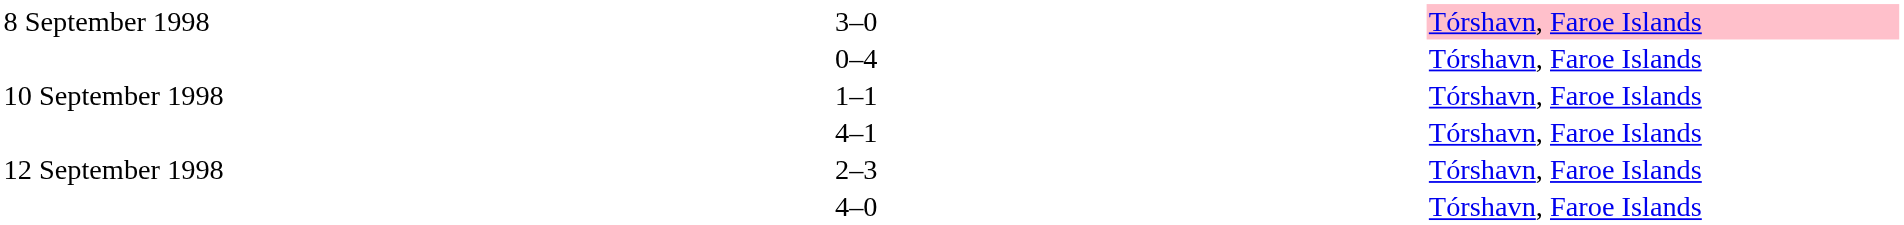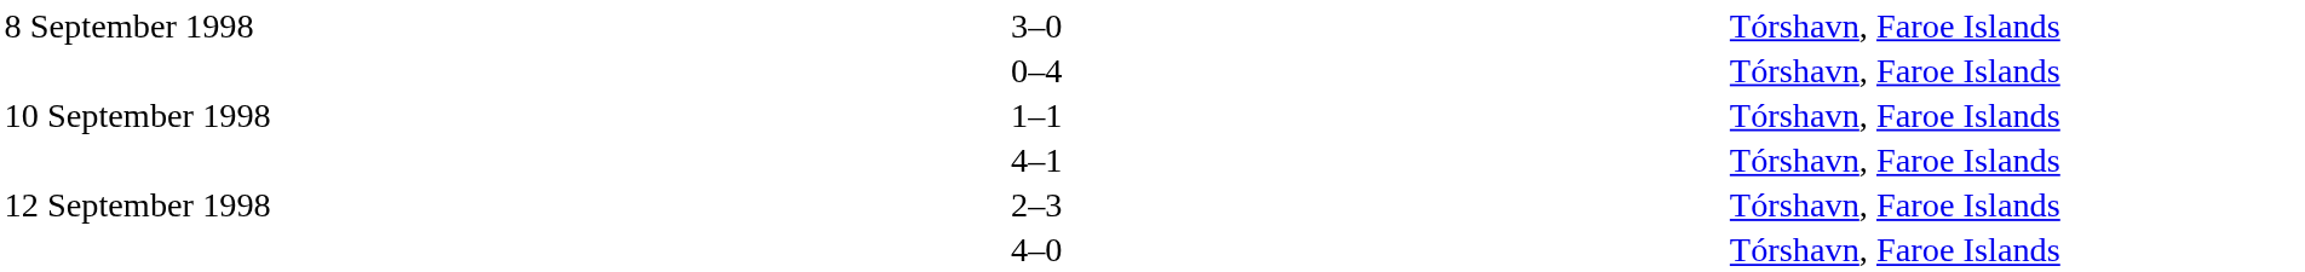 <table cellspacing=1 width=85%>
 <tr>
 <th width=15%></th>
 <th width=25%></th>
 <th width=10%></th>
 <th width=25%></th>
 <th width=25%></th>
 </tr>
 <tr>
 <td>8 September 1998</td>
 <td align=right></td>
 <td align=center>3–0</td>
 <td></td>
-<td style="background: pink;"><a href='#'>Tórshavn</a>, <a href='#'>Faroe Islands</a></td>
+<td><a href='#'>Tórshavn</a>, <a href='#'>Faroe Islands</a></td>
 </tr>
 <tr>
 <td></td>
 <td align=right></td>
 <td align=center>0–4</td>
 <td></td>
 <td><a href='#'>Tórshavn</a>, <a href='#'>Faroe Islands</a></td>
 </tr>
 <tr>
 <td>10 September 1998</td>
 <td align=right></td>
 <td align=center>1–1</td>
 <td></td>
 <td><a href='#'>Tórshavn</a>, <a href='#'>Faroe Islands</a></td>
 </tr>
 <tr>
 <td></td>
 <td align=right></td>
 <td align=center>4–1</td>
 <td></td>
 <td><a href='#'>Tórshavn</a>, <a href='#'>Faroe Islands</a></td>
 </tr>
 <tr>
 <td>12 September 1998</td>
 <td align=right></td>
 <td align=center>2–3</td>
 <td></td>
 <td><a href='#'>Tórshavn</a>, <a href='#'>Faroe Islands</a></td>
 </tr>
 <tr>
 <td></td>
 <td align=right></td>
 <td align=center>4–0</td>
 <td></td>
 <td><a href='#'>Tórshavn</a>, <a href='#'>Faroe Islands</a></td>
 </tr>
 </table>
